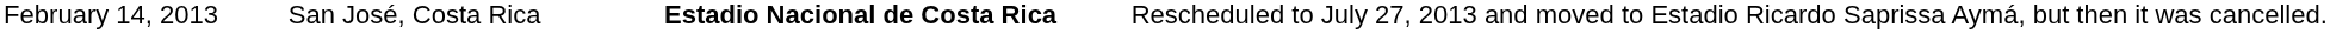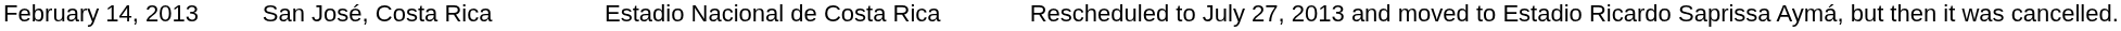 <table cellpadding="2" style="border: 0px solid darkgray; font-size:90%">
 <tr>
 <th width="150"></th>
 <th width="200"></th>
 <th width="250"></th>
 <th width="700"></th>
 </tr>
 <tr border="0">
 <td>February 14, 2013</td>
 <td>San José, Costa Rica</td>
-<td><strong>Estadio Nacional de Costa Rica</strong></td>
+<td>Estadio Nacional de Costa Rica</td>
 <td>Rescheduled to July 27, 2013 and moved to Estadio Ricardo Saprissa Aymá, but then it was cancelled.</td>
 </tr>
 <tr>
 </tr>
 </table>
